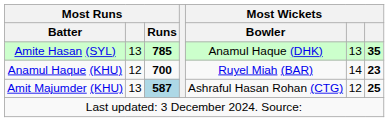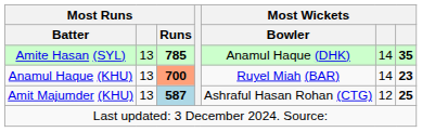 <table class="wikitable" style="font-size:85%; text-align:center;">
 <tr>
 <th style="text-align: center" colspan=3><strong>Most Runs</strong></th>
 <th style="text-align: center" rowspan=5></th>
 <th style="text-align: center" colspan=3><strong>Most Wickets</strong></th>
 </tr>
 <tr>
 <th>Batter</th>
 <th></th>
 <th>Runs</th>
 <th>Bowler</th>
 <th></th>
 <th></th>
 </tr>
 <tr style="background:#cfc">
 <td><a href='#'>Amite Hasan</a> <a href='#'>(SYL)</a></td>
 <td>13</td>
 <td><strong>785</strong></td>
 <td>Anamul Haque <a href='#'>(DHK)</a></td>
-<td>13</td>
+<td>14</td>
 <td><strong>35</strong></td>
 </tr>
 <tr>
 <td><a href='#'>Anamul Haque</a> <a href='#'>(KHU)</a></td>
-<td>12</td>
-<td><strong>700</strong></td>
+<td>13</td>
+<td style="background: lightsalmon;"><strong>700</strong></td>
 <td><a href='#'>Ruyel Miah</a> <a href='#'>(BAR)</a></td>
 <td>14</td>
 <td><strong>23</strong></td>
 </tr>
 <tr>
 <td><a href='#'>Amit Majumder</a> <a href='#'>(KHU)</a></td>
 <td>13</td>
 <td style="background: lightblue;"><strong>587</strong></td>
 <td>Ashraful Hasan Rohan <a href='#'>(CTG)</a></td>
 <td>12</td>
 <td><strong>25</strong></td>
 </tr>
 <tr>
 <td colspan="7">Last updated: 3 December 2024. Source: </td>
 </tr>
 </table>
